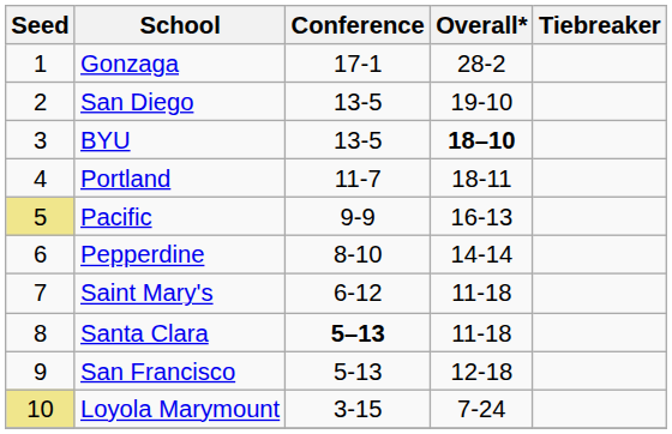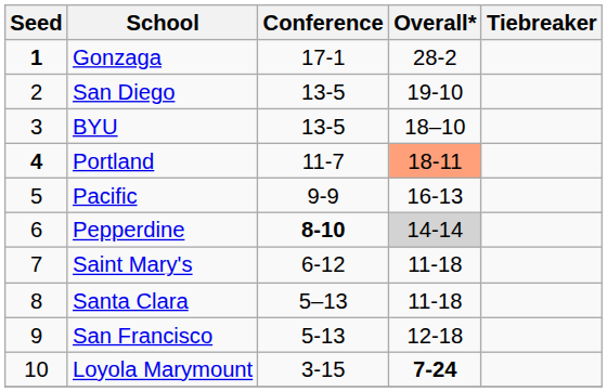 <table class="wikitable" style="white-space:nowrap; font-size:95%;text-align:center">
 <tr>
 <th>Seed</th>
 <th>School</th>
 <th>Conference</th>
 <th>Overall*</th>
 <th>Tiebreaker</th>
 </tr>
 <tr>
-<td>1</td>
+<td><strong>1</strong></td>
 <td align=left><a href='#'>Gonzaga</a></td>
 <td>17-1</td>
 <td>28-2</td>
 <td></td>
 </tr>
 <tr>
 <td>2</td>
 <td align=left><a href='#'>San Diego</a></td>
 <td>13-5</td>
 <td>19-10</td>
 <td></td>
 </tr>
 <tr>
 <td>3</td>
 <td align=left><a href='#'>BYU</a></td>
 <td>13-5</td>
-<td><strong>18–10</strong></td>
+<td>18–10</td>
 <td></td>
 </tr>
 <tr>
-<td>4</td>
+<td><strong>4</strong></td>
 <td align=left><a href='#'>Portland</a></td>
 <td>11-7</td>
-<td>18-11</td>
+<td style="background: lightsalmon;">18-11</td>
 <td></td>
 </tr>
 <tr>
-<td style="background: khaki;">5</td>
+<td>5</td>
 <td align=left><a href='#'>Pacific</a></td>
 <td>9-9</td>
 <td>16-13</td>
 <td></td>
 </tr>
 <tr>
 <td>6</td>
 <td align=left><a href='#'>Pepperdine</a></td>
-<td>8-10</td>
-<td>14-14</td>
+<td><strong>8-10</strong></td>
+<td style="background: lightgrey;">14-14</td>
 <td></td>
 </tr>
 <tr>
 <td>7</td>
 <td align=left><a href='#'>Saint Mary's</a></td>
 <td>6-12</td>
 <td>11-18</td>
 <td></td>
 </tr>
 <tr>
 <td>8</td>
 <td align=left><a href='#'>Santa Clara</a></td>
-<td><strong>5–13</strong></td>
+<td>5–13</td>
 <td>11-18</td>
 <td></td>
 </tr>
 <tr>
 <td>9</td>
 <td align=left><a href='#'>San Francisco</a></td>
 <td>5-13</td>
 <td>12-18</td>
 <td></td>
 </tr>
 <tr>
-<td style="background: khaki;">10</td>
+<td>10</td>
 <td align=left><a href='#'>Loyola Marymount</a></td>
 <td>3-15</td>
-<td>7-24</td>
+<td><strong>7-24</strong></td>
 <td></td>
 </tr>
 <tr>
 </tr>
 </table>
